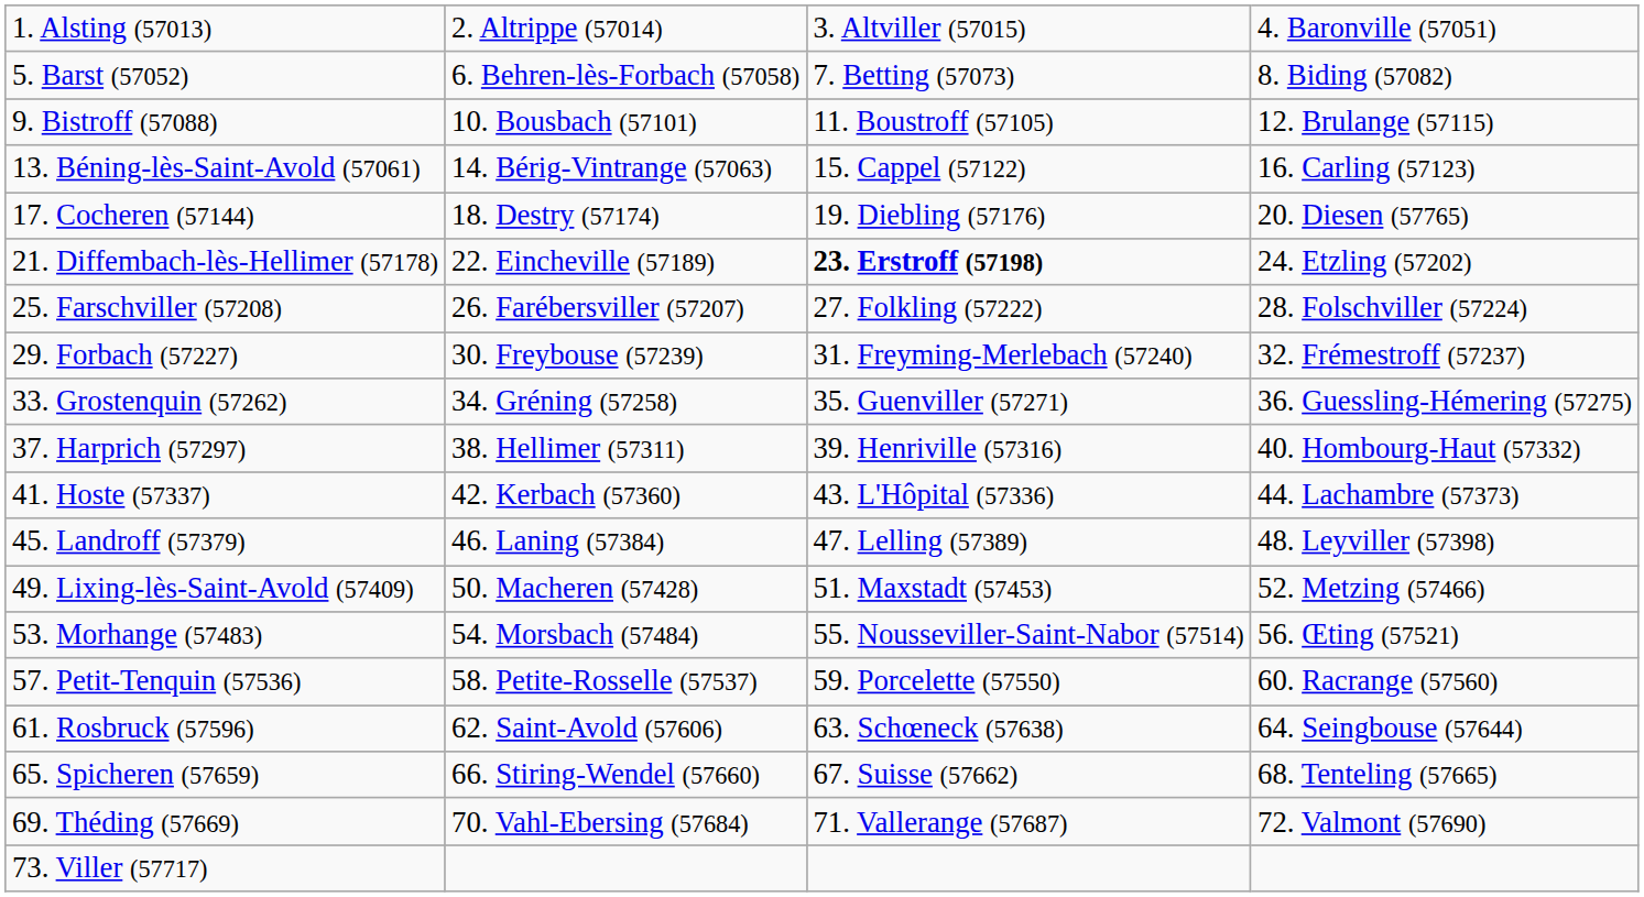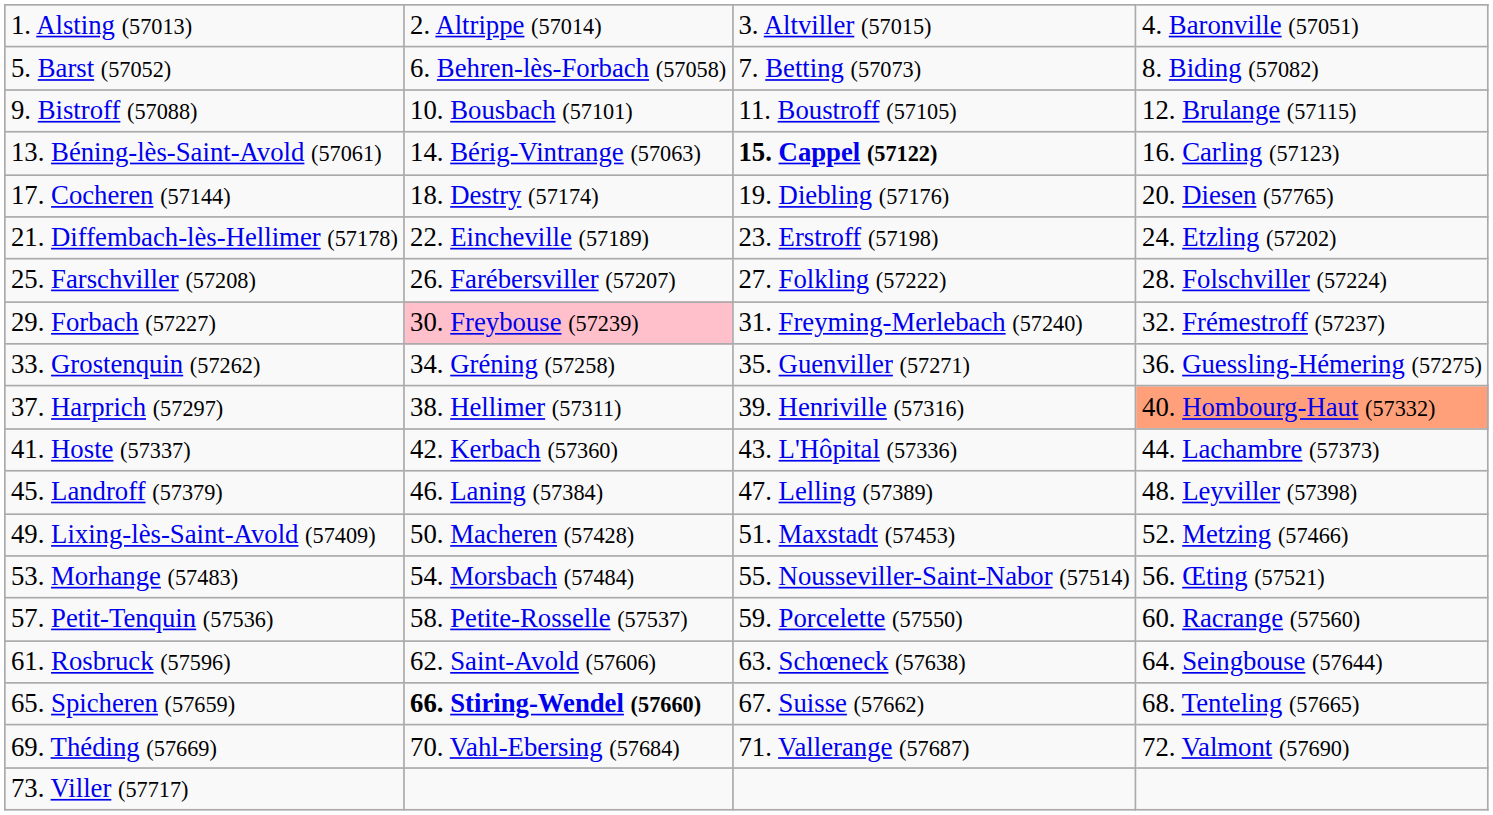 <table class="wikitable">
 <tr>
 <td>1. <a href='#'>Alsting</a> <small>(57013)</small></td>
 <td>2. <a href='#'>Altrippe</a> <small>(57014)</small></td>
 <td>3. <a href='#'>Altviller</a> <small>(57015)</small></td>
 <td>4. <a href='#'>Baronville</a> <small>(57051)</small></td>
 </tr>
 <tr>
 <td>5. <a href='#'>Barst</a> <small>(57052)</small></td>
 <td>6. <a href='#'>Behren-lès-Forbach</a> <small>(57058)</small></td>
 <td>7. <a href='#'>Betting</a> <small>(57073)</small></td>
 <td>8. <a href='#'>Biding</a> <small>(57082)</small></td>
 </tr>
 <tr>
 <td>9. <a href='#'>Bistroff</a> <small>(57088)</small></td>
 <td>10. <a href='#'>Bousbach</a> <small>(57101)</small></td>
 <td>11. <a href='#'>Boustroff</a> <small>(57105)</small></td>
 <td>12. <a href='#'>Brulange</a> <small>(57115)</small></td>
 </tr>
 <tr>
 <td>13. <a href='#'>Béning-lès-Saint-Avold</a> <small>(57061)</small></td>
 <td>14. <a href='#'>Bérig-Vintrange</a> <small>(57063)</small></td>
-<td>15. <a href='#'>Cappel</a> <small>(57122)</small></td>
+<td><strong>15. <a href='#'>Cappel</a> <small>(57122)</small></strong></td>
 <td>16. <a href='#'>Carling</a> <small>(57123)</small></td>
 </tr>
 <tr>
 <td>17. <a href='#'>Cocheren</a> <small>(57144)</small></td>
 <td>18. <a href='#'>Destry</a> <small>(57174)</small></td>
 <td>19. <a href='#'>Diebling</a> <small>(57176)</small></td>
 <td>20. <a href='#'>Diesen</a> <small>(57765)</small></td>
 </tr>
 <tr>
 <td>21. <a href='#'>Diffembach-lès-Hellimer</a> <small>(57178)</small></td>
 <td>22. <a href='#'>Eincheville</a> <small>(57189)</small></td>
-<td><strong>23. <a href='#'>Erstroff</a> <small>(57198)</small></strong></td>
+<td>23. <a href='#'>Erstroff</a> <small>(57198)</small></td>
 <td>24. <a href='#'>Etzling</a> <small>(57202)</small></td>
 </tr>
 <tr>
 <td>25. <a href='#'>Farschviller</a> <small>(57208)</small></td>
 <td>26. <a href='#'>Farébersviller</a> <small>(57207)</small></td>
 <td>27. <a href='#'>Folkling</a> <small>(57222)</small></td>
 <td>28. <a href='#'>Folschviller</a> <small>(57224)</small></td>
 </tr>
 <tr>
 <td>29. <a href='#'>Forbach</a> <small>(57227)</small></td>
-<td>30. <a href='#'>Freybouse</a> <small>(57239)</small></td>
+<td style="background: pink;">30. <a href='#'>Freybouse</a> <small>(57239)</small></td>
 <td>31. <a href='#'>Freyming-Merlebach</a> <small>(57240)</small></td>
 <td>32. <a href='#'>Frémestroff</a> <small>(57237)</small></td>
 </tr>
 <tr>
 <td>33. <a href='#'>Grostenquin</a> <small>(57262)</small></td>
 <td>34. <a href='#'>Gréning</a> <small>(57258)</small></td>
 <td>35. <a href='#'>Guenviller</a> <small>(57271)</small></td>
 <td>36. <a href='#'>Guessling-Hémering</a> <small>(57275)</small></td>
 </tr>
 <tr>
 <td>37. <a href='#'>Harprich</a> <small>(57297)</small></td>
 <td>38. <a href='#'>Hellimer</a> <small>(57311)</small></td>
 <td>39. <a href='#'>Henriville</a> <small>(57316)</small></td>
-<td>40. <a href='#'>Hombourg-Haut</a> <small>(57332)</small></td>
+<td style="background: lightsalmon;">40. <a href='#'>Hombourg-Haut</a> <small>(57332)</small></td>
 </tr>
 <tr>
 <td>41. <a href='#'>Hoste</a> <small>(57337)</small></td>
 <td>42. <a href='#'>Kerbach</a> <small>(57360)</small></td>
 <td>43. <a href='#'>L'Hôpital</a> <small>(57336)</small></td>
 <td>44. <a href='#'>Lachambre</a> <small>(57373)</small></td>
 </tr>
 <tr>
 <td>45. <a href='#'>Landroff</a> <small>(57379)</small></td>
 <td>46. <a href='#'>Laning</a> <small>(57384)</small></td>
 <td>47. <a href='#'>Lelling</a> <small>(57389)</small></td>
 <td>48. <a href='#'>Leyviller</a> <small>(57398)</small></td>
 </tr>
 <tr>
 <td>49. <a href='#'>Lixing-lès-Saint-Avold</a> <small>(57409)</small></td>
 <td>50. <a href='#'>Macheren</a> <small>(57428)</small></td>
 <td>51. <a href='#'>Maxstadt</a> <small>(57453)</small></td>
 <td>52. <a href='#'>Metzing</a> <small>(57466)</small></td>
 </tr>
 <tr>
 <td>53. <a href='#'>Morhange</a> <small>(57483)</small></td>
 <td>54. <a href='#'>Morsbach</a> <small>(57484)</small></td>
 <td>55. <a href='#'>Nousseviller-Saint-Nabor</a> <small>(57514)</small></td>
 <td>56. <a href='#'>Œting</a> <small>(57521)</small></td>
 </tr>
 <tr>
 <td>57. <a href='#'>Petit-Tenquin</a> <small>(57536)</small></td>
 <td>58. <a href='#'>Petite-Rosselle</a> <small>(57537)</small></td>
 <td>59. <a href='#'>Porcelette</a> <small>(57550)</small></td>
 <td>60. <a href='#'>Racrange</a> <small>(57560)</small></td>
 </tr>
 <tr>
 <td>61. <a href='#'>Rosbruck</a> <small>(57596)</small></td>
 <td>62. <a href='#'>Saint-Avold</a> <small>(57606)</small></td>
 <td>63. <a href='#'>Schœneck</a> <small>(57638)</small></td>
 <td>64. <a href='#'>Seingbouse</a> <small>(57644)</small></td>
 </tr>
 <tr>
 <td>65. <a href='#'>Spicheren</a> <small>(57659)</small></td>
-<td>66. <a href='#'>Stiring-Wendel</a> <small>(57660)</small></td>
+<td><strong>66. <a href='#'>Stiring-Wendel</a> <small>(57660)</small></strong></td>
 <td>67. <a href='#'>Suisse</a> <small>(57662)</small></td>
 <td>68. <a href='#'>Tenteling</a> <small>(57665)</small></td>
 </tr>
 <tr>
 <td>69. <a href='#'>Théding</a> <small>(57669)</small></td>
 <td>70. <a href='#'>Vahl-Ebersing</a> <small>(57684)</small></td>
 <td>71. <a href='#'>Vallerange</a> <small>(57687)</small></td>
 <td>72. <a href='#'>Valmont</a> <small>(57690)</small></td>
 </tr>
 <tr>
 <td>73. <a href='#'>Viller</a> <small>(57717)</small></td>
 <td></td>
 <td></td>
 <td></td>
 </tr>
 </table>
